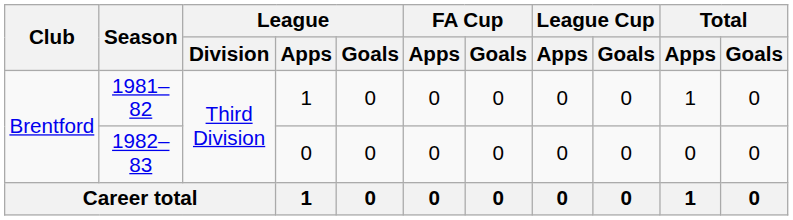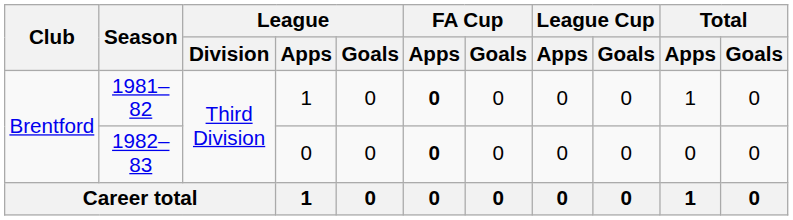 <table class="wikitable" style="text-align: center;">
 <tr>
 <th rowspan="2">Club</th>
 <th rowspan="2">Season</th>
 <th colspan="3">League</th>
 <th colspan="2">FA Cup</th>
 <th colspan="2">League Cup</th>
 <th colspan="2">Total</th>
 </tr>
 <tr>
 <th>Division</th>
 <th>Apps</th>
 <th>Goals</th>
 <th>Apps</th>
 <th>Goals</th>
 <th>Apps</th>
 <th>Goals</th>
 <th>Apps</th>
 <th>Goals</th>
 </tr>
 <tr>
 <td rowspan="2"><a href='#'>Brentford</a></td>
 <td><a href='#'>1981–82</a></td>
 <td rowspan="2"><a href='#'>Third Division</a></td>
 <td>1</td>
 <td>0</td>
-<td>0</td>
+<td><strong>0</strong></td>
 <td>0</td>
 <td>0</td>
 <td>0</td>
 <td>1</td>
 <td>0</td>
 </tr>
 <tr>
 <td><a href='#'>1982–83</a></td>
 <td>0</td>
 <td>0</td>
-<td>0</td>
+<td><strong>0</strong></td>
 <td>0</td>
 <td>0</td>
 <td>0</td>
 <td>0</td>
 <td>0</td>
 </tr>
 <tr>
 <th colspan="3">Career total</th>
 <th>1</th>
 <th>0</th>
 <th>0</th>
 <th>0</th>
 <th>0</th>
 <th>0</th>
 <th>1</th>
 <th>0</th>
 </tr>
 </table>
